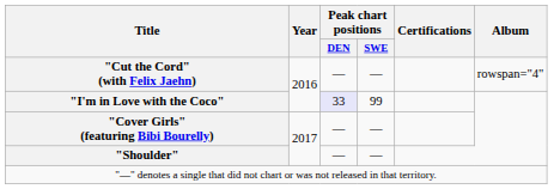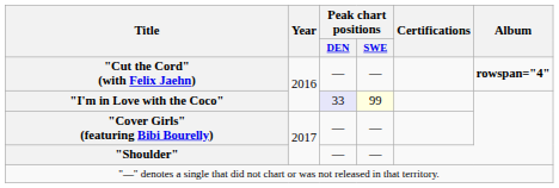 <table class="wikitable plainrowheaders" style="text-align:center;">
 <tr>
 <th rowspan="2" scope="col" style="width:22em;">Title</th>
 <th rowspan="2" scope="col" style="width:1em;">Year</th>
 <th colspan="2" scope="col">Peak chart positions</th>
 <th rowspan="2" scope="col">Certifications</th>
 <th rowspan="2" scope="col">Album</th>
 </tr>
 <tr>
 <th scope="col" style="width:3em;font-size:85%;"><a href='#'>DEN</a><br></th>
 <th scope="col" style="width:3em;font-size:85%;"><a href='#'>SWE</a><br></th>
 </tr>
 <tr>
 <th scope="row">"Cut the Cord"<br><span>(with <a href='#'>Felix Jaehn</a>)</span></th>
 <td rowspan="2">2016</td>
 <td>—</td>
 <td>—</td>
 <td></td>
-<td>rowspan="4" </td>
+<td><strong>rowspan="4" </strong></td>
 </tr>
 <tr>
 <th scope="row">"I'm in Love with the Coco"</th>
 <td style="background: lavender;">33</td>
-<td>99</td>
+<td style="background: lightyellow;">99</td>
 <td></td>
 </tr>
 <tr>
 <th scope="row">"Cover Girls"<br><span>(featuring <a href='#'>Bibi Bourelly</a>)</span></th>
 <td rowspan="2">2017</td>
 <td>—</td>
 <td>—</td>
 <td></td>
 </tr>
 <tr>
 <th scope="row">"Shoulder"<br><span></span></th>
 <td>—</td>
 <td>—</td>
 </tr>
 <tr>
 <td colspan="6" style="font-size:85%">"—" denotes a single that did not chart or was not released in that territory.</td>
 </tr>
 </table>
